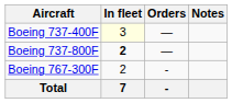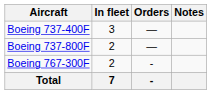 <table class="wikitable" style="border-collapse:collapse;margin:1em auto">
 <tr>
 <th>Aircraft</th>
 <th>In fleet</th>
 <th>Orders</th>
 <th>Notes</th>
 </tr>
 <tr>
 <td><a href='#'>Boeing 737-400F</a></td>
-<td align="center" style="background: lightyellow;">3</td>
+<td align="center">3</td>
 <td align="center">—</td>
 <td></td>
 </tr>
 <tr>
 <td><a href='#'>Boeing 737-800F</a></td>
-<td align="center"><strong>2</strong></td>
+<td align="center">2</td>
 <td align="center">—</td>
 <td></td>
 </tr>
 <tr>
 <td><a href='#'> Boeing 767-300F</a></td>
 <td align="center">2</td>
 <td align="center">-</td>
 <td></td>
 </tr>
 <tr>
 <th>Total</th>
 <th>7</th>
 <th>-</th>
 <th colspan="2"></th>
 </tr>
 </table>
